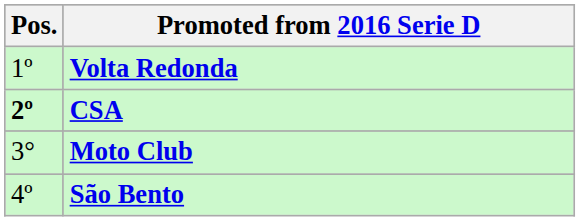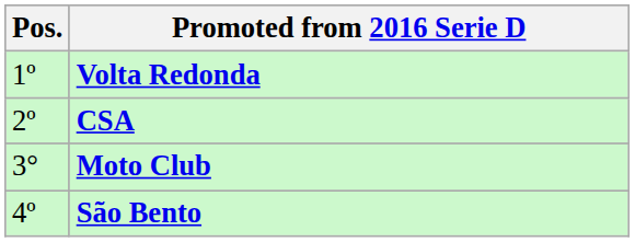 <table class="wikitable">
 <tr>
 <th align="center">Pos.</th>
 <th width="300">Promoted from <a href='#'>2016 Serie D</a></th>
 </tr>
 <tr style="background: #CCF9CC;">
 <td>1º</td>
 <td><strong><a href='#'>Volta Redonda</a></strong></td>
 </tr>
 <tr style="background: #CCF9CC;">
-<td><strong>2º</strong></td>
+<td>2º</td>
 <td><strong><a href='#'>CSA</a></strong></td>
 </tr>
 <tr style="background: #CCF9CC;">
 <td>3°</td>
 <td><strong><a href='#'>Moto Club</a></strong></td>
 </tr>
 <tr style="background: #CCF9CC;">
 <td>4º</td>
 <td><strong><a href='#'>São Bento</a></strong></td>
 </tr>
 </table>
